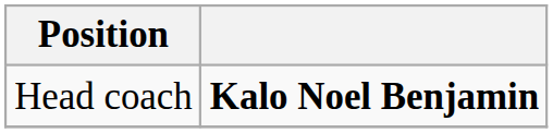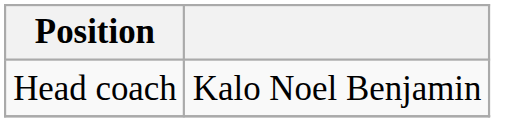 <table class="wikitable">
 <tr>
 <th>Position</th>
 <th></th>
 </tr>
 <tr>
 <td>Head coach</td>
-<td><strong> Kalo Noel Benjamin</strong></td>
+<td> Kalo Noel Benjamin</td>
 </tr>
 <tr>
 </tr>
 </table>
